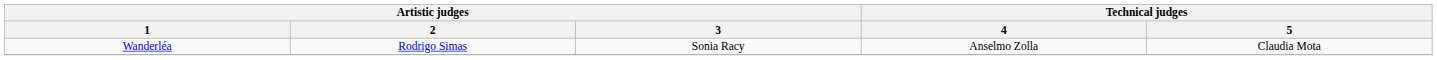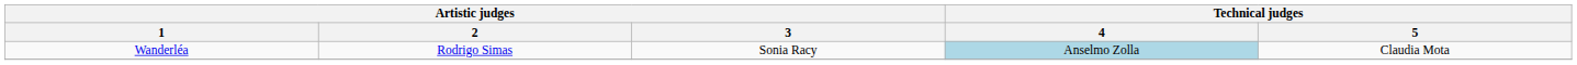 <table class="wikitable" style="font-size:100%; line-height:16px; text-align:center" width="100%">
 <tr>
 <th colspan=3>Artistic judges</th>
 <th colspan=2>Technical judges</th>
 </tr>
 <tr>
 <th>1</th>
 <th>2</th>
 <th>3</th>
 <th>4</th>
 <th>5</th>
 </tr>
 <tr>
 <td width=150><a href='#'>Wanderléa</a></td>
 <td width=150><a href='#'>Rodrigo Simas</a></td>
 <td width=150>Sonia Racy</td>
-<td width=150>Anselmo Zolla</td>
+<td width=150 style="background: lightblue;">Anselmo Zolla</td>
 <td width=150>Claudia Mota</td>
 </tr>
 <tr>
 </tr>
 </table>
